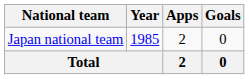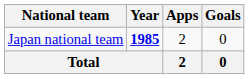 <table class="wikitable" style="text-align:center">
 <tr>
 <th>National team</th>
 <th>Year</th>
 <th>Apps</th>
 <th>Goals</th>
 </tr>
 <tr>
 <td><a href='#'>Japan national team</a></td>
-<td><a href='#'>1985</a></td>
+<td><strong><a href='#'>1985</a></strong></td>
 <td>2</td>
 <td>0</td>
 </tr>
 <tr>
 <th colspan="2">Total</th>
 <th>2</th>
 <th>0</th>
 </tr>
 </table>
